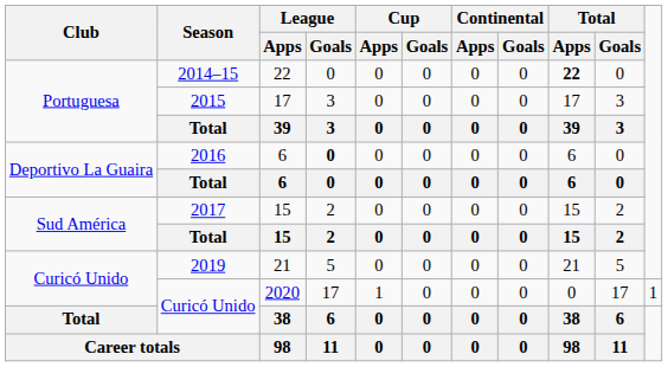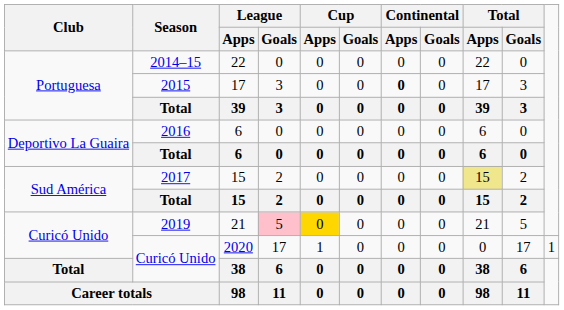 <table class="wikitable" style="text-align: center;">
 <tr>
 <th rowspan="2">Club</th>
 <th rowspan="2">Season</th>
 <th colspan="2">League</th>
 <th colspan="2">Cup</th>
 <th colspan="2">Continental</th>
 <th colspan="2">Total</th>
 </tr>
 <tr>
 <th>Apps</th>
 <th>Goals</th>
 <th>Apps</th>
 <th>Goals</th>
 <th>Apps</th>
 <th>Goals</th>
 <th>Apps</th>
 <th>Goals</th>
 </tr>
 <tr>
 <td rowspan="3" valign="center"><a href='#'>Portuguesa</a></td>
 <td><a href='#'>2014–15</a></td>
 <td>22</td>
 <td>0</td>
 <td>0</td>
 <td>0</td>
 <td>0</td>
 <td>0</td>
-<td><strong>22</strong></td>
+<td>22</td>
 <td>0</td>
 </tr>
 <tr>
 <td><a href='#'>2015</a></td>
 <td>17</td>
 <td>3</td>
 <td>0</td>
 <td>0</td>
-<td>0</td>
+<td><strong>0</strong></td>
 <td>0</td>
 <td>17</td>
 <td>3</td>
 </tr>
 <tr>
 <th>Total</th>
 <th>39</th>
 <th>3</th>
 <th>0</th>
 <th>0</th>
 <th>0</th>
 <th>0</th>
 <th>39</th>
 <th>3</th>
 </tr>
 <tr>
 <td rowspan="2" valign="center"><a href='#'>Deportivo La Guaira</a></td>
 <td><a href='#'>2016</a></td>
 <td>6</td>
-<td><strong>0</strong></td>
+<td>0</td>
 <td>0</td>
 <td>0</td>
 <td>0</td>
 <td>0</td>
 <td>6</td>
 <td>0</td>
 </tr>
 <tr>
 <th>Total</th>
 <th>6</th>
 <th>0</th>
 <th>0</th>
 <th>0</th>
 <th>0</th>
 <th>0</th>
 <th>6</th>
 <th>0</th>
 </tr>
 <tr>
 <td rowspan="2" valign="center"><a href='#'>Sud América</a></td>
 <td><a href='#'>2017</a></td>
 <td>15</td>
 <td>2</td>
 <td>0</td>
 <td>0</td>
 <td>0</td>
 <td>0</td>
-<td>15</td>
+<td style="background: khaki;">15</td>
 <td>2</td>
 </tr>
 <tr>
 <th>Total</th>
 <th>15</th>
 <th>2</th>
 <th>0</th>
 <th>0</th>
 <th>0</th>
 <th>0</th>
 <th>15</th>
 <th>2</th>
 </tr>
 <tr>
 <td rowspan="2" valign="center"><a href='#'>Curicó Unido</a></td>
 <td><a href='#'>2019</a></td>
 <td>21</td>
-<td>5</td>
-<td>0</td>
+<td style="background: pink;">5</td>
+<td style="background: gold;">0</td>
 <td>0</td>
 <td>0</td>
 <td>0</td>
 <td>21</td>
 <td>5</td>
 </tr>
 <tr>
 <td rowspan="2" valign="center"><a href='#'>Curicó Unido</a></td>
 <td><a href='#'>2020</a></td>
 <td>17</td>
 <td>1</td>
 <td>0</td>
 <td>0</td>
 <td>0</td>
 <td>0</td>
 <td>17</td>
 <td>1</td>
 </tr>
 <tr>
 <th>Total</th>
 <th>38</th>
 <th>6</th>
 <th>0</th>
 <th>0</th>
 <th>0</th>
 <th>0</th>
 <th>38</th>
 <th>6</th>
 </tr>
 <tr>
 <th colspan="2">Career totals</th>
 <th>98</th>
 <th>11</th>
 <th>0</th>
 <th>0</th>
 <th>0</th>
 <th>0</th>
 <th>98</th>
 <th>11</th>
 </tr>
 </table>
